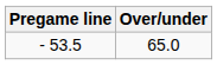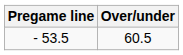 <table class="wikitable" style="margin-left: auto; margin-right: auto; border: none; display: inline-table;">
 <tr align="center">
 <th style=>Pregame line</th>
 <th style=>Over/under</th>
 </tr>
 <tr align="center">
 <td>- 53.5</td>
-<td>65.0</td>
+<td>60.5</td>
 </tr>
 </table>
